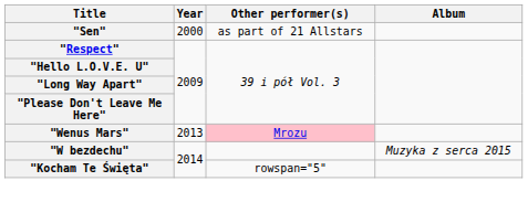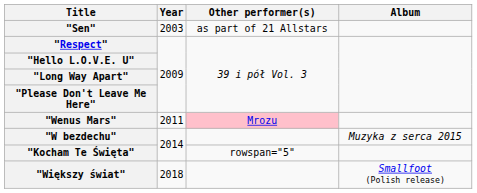 <table class="wikitable plainrowheaders" style="text-align:center;">
 <tr>
 <th scope="col" style="width:15em;">Title</th>
 <th scope="col">Year</th>
 <th scope="col" style="width:15em;">Other performer(s)</th>
 <th scope="col" style="width:13em;">Album</th>
 </tr>
 <tr>
 <th scope="row">"Sen"</th>
-<td>2000</td>
+<td>2003</td>
 <td>as part of 21 Allstars</td>
 <td></td>
 </tr>
 <tr>
 <th scope="row">"<a href='#'>Respect</a>"</th>
 <td rowspan="4">2009</td>
 <td rowspan="4"><em>39 i pół Vol. 3</em></td>
 </tr>
 <tr>
 <th scope="row">"Hello L.O.V.E. U"</th>
 </tr>
 <tr>
 <th scope="row">"Long Way Apart"</th>
 </tr>
 <tr>
 <th scope="row">"Please Don't Leave Me Here"</th>
 </tr>
 <tr>
 <th scope="row">"Wenus Mars"</th>
-<td>2013</td>
+<td>2011</td>
 <td style="background: pink;"><a href='#'>Mrozu</a></td>
 <td></td>
 </tr>
 <tr>
 <th scope="row">"W bezdechu"</th>
 <td rowspan="2">2014</td>
 <td></td>
 <td><em>Muzyka z serca 2015</em></td>
 </tr>
 <tr>
 <th scope="row">"Kocham Te Święta"</th>
 <td>rowspan="5" </td>
 <td></td>
 </tr>
+<tr>
+<th scope="row">"Większy świat"</th>
+<td>2018</td>
+<td></td>
+<td><em><a href='#'>Smallfoot</a></em><br><small>(Polish release)</small></td>
+</tr>
 </table>
